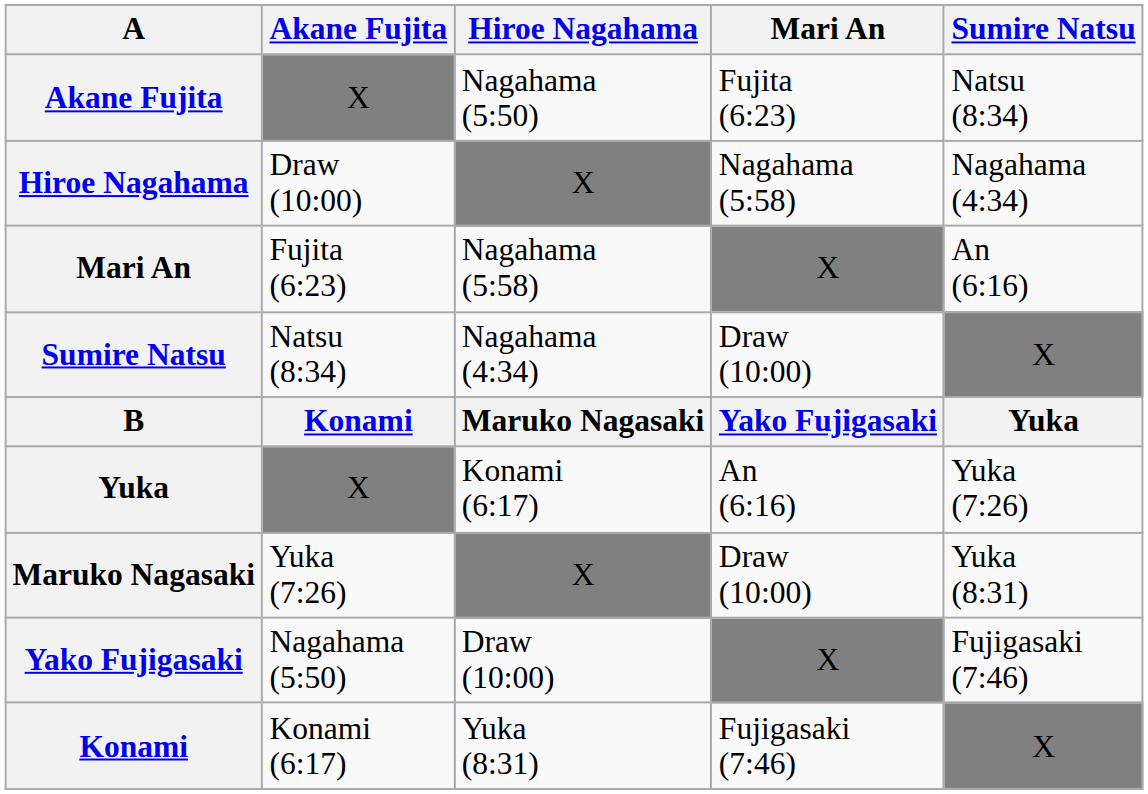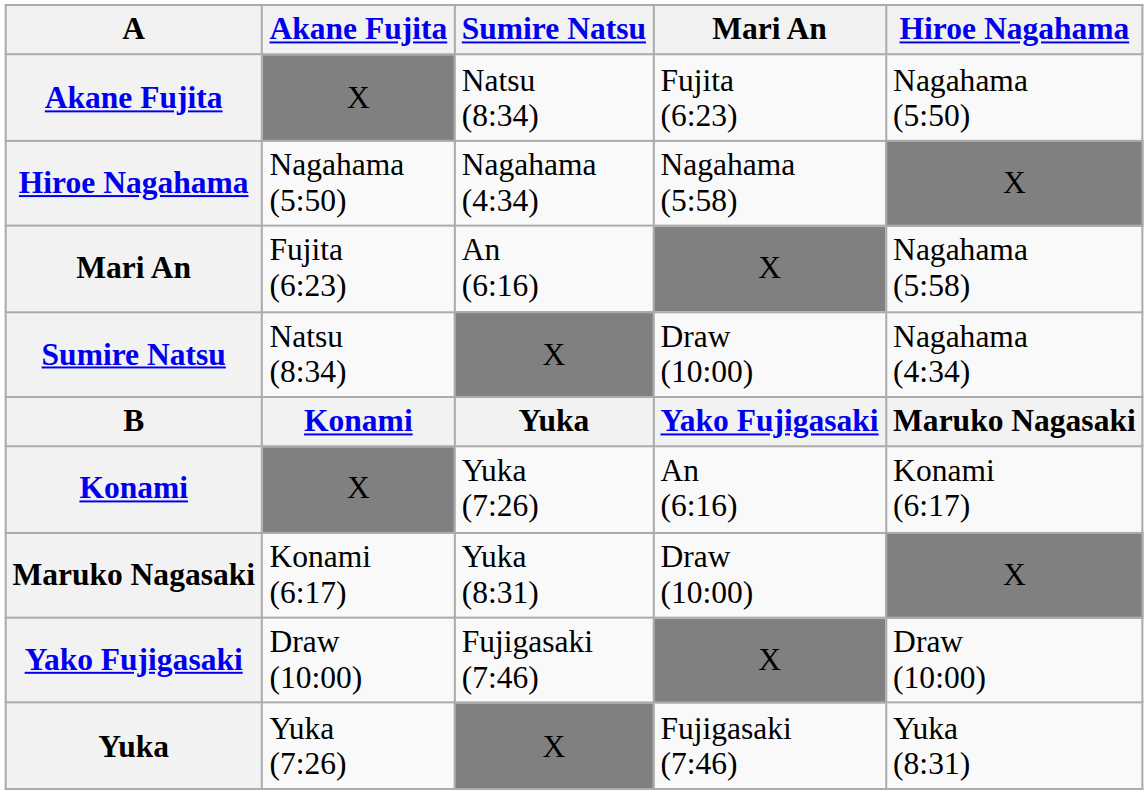 <table class="wikitable" align=center style="margin: 1em auto 1em auto">
 <tr>
 <th>A</th>
 <th><a href='#'>Akane Fujita</a></th>
+<th><a href='#'>Sumire Natsu</a></th>
+<th>Mari An</th>
 <th><a href='#'>Hiroe Nagahama</a></th>
-<th>Mari An</th>
-<th><a href='#'>Sumire Natsu</a></th>
 </tr>
 <tr>
 <th><a href='#'>Akane Fujita</a></th>
 <td bgcolor=grey align="center">X</td>
+<td>Natsu<br>(8:34)</td>
+<td>Fujita<br>(6:23)</td>
 <td>Nagahama<br>(5:50)</td>
-<td>Fujita<br>(6:23)</td>
-<td>Natsu<br>(8:34)</td>
 </tr>
 <tr>
 <th><a href='#'>Hiroe Nagahama</a></th>
-<td>Draw<br>(10:00)</td>
+<td>Nagahama<br>(5:50)</td>
+<td>Nagahama<br>(4:34)</td>
+<td>Nagahama<br>(5:58)</td>
 <td bgcolor=grey align="center">X</td>
-<td>Nagahama<br>(5:58)</td>
-<td>Nagahama<br>(4:34)</td>
 </tr>
 <tr>
 <th>Mari An</th>
 <td>Fujita<br>(6:23)</td>
+<td>An<br>(6:16)</td>
+<td bgcolor=grey align="center">X</td>
 <td>Nagahama<br>(5:58)</td>
-<td bgcolor=grey align="center">X</td>
-<td>An<br>(6:16)</td>
 </tr>
 <tr>
 <th><a href='#'>Sumire Natsu</a></th>
 <td>Natsu<br>(8:34)</td>
+<td bgcolor=grey align="center">X</td>
+<td>Draw<br>(10:00)</td>
 <td>Nagahama<br>(4:34)</td>
+</tr>
+<tr>
+<th>B</th>
+<th><a href='#'>Konami</a></th>
+<th>Yuka</th>
+<th><a href='#'>Yako Fujigasaki</a></th>
+<th>Maruko Nagasaki</th>
+</tr>
+<tr>
+<th><a href='#'>Konami</a></th>
+<td bgcolor=grey align="center">X</td>
+<td>Yuka<br>(7:26)</td>
+<td>An<br>(6:16)</td>
+<td>Konami<br>(6:17)</td>
+</tr>
+<tr>
+<th>Maruko Nagasaki</th>
+<td>Konami<br>(6:17)</td>
+<td>Yuka<br>(8:31)</td>
 <td>Draw<br>(10:00)</td>
 <td bgcolor=grey align="center">X</td>
 </tr>
 <tr>
-<th>B</th>
-<th><a href='#'>Konami</a></th>
-<th>Maruko Nagasaki</th>
 <th><a href='#'>Yako Fujigasaki</a></th>
-<th>Yuka</th>
+<td>Draw<br>(10:00)</td>
+<td>Fujigasaki<br>(7:46)</td>
+<td bgcolor=grey align="center">X</td>
+<td>Draw<br>(10:00)</td>
 </tr>
 <tr>
 <th>Yuka</th>
-<td bgcolor=grey align="center">X</td>
-<td>Konami<br>(6:17)</td>
-<td>An<br>(6:16)</td>
-<td>Yuka<br>(7:26)</td>
-</tr>
-<tr>
-<th>Maruko Nagasaki</th>
 <td>Yuka<br>(7:26)</td>
 <td bgcolor=grey align="center">X</td>
-<td>Draw<br>(10:00)</td>
+<td>Fujigasaki<br>(7:46)</td>
 <td>Yuka<br>(8:31)</td>
 </tr>
-<tr>
-<th><a href='#'>Yako Fujigasaki</a></th>
-<td>Nagahama<br>(5:50)</td>
-<td>Draw<br>(10:00)</td>
-<td bgcolor=grey align="center">X</td>
-<td>Fujigasaki<br>(7:46)</td>
-</tr>
-<tr>
-<th><a href='#'>Konami</a></th>
-<td>Konami<br>(6:17)</td>
-<td>Yuka<br>(8:31)</td>
-<td>Fujigasaki<br>(7:46)</td>
-<td bgcolor=grey align="center">X</td>
-</tr>
 </table>
